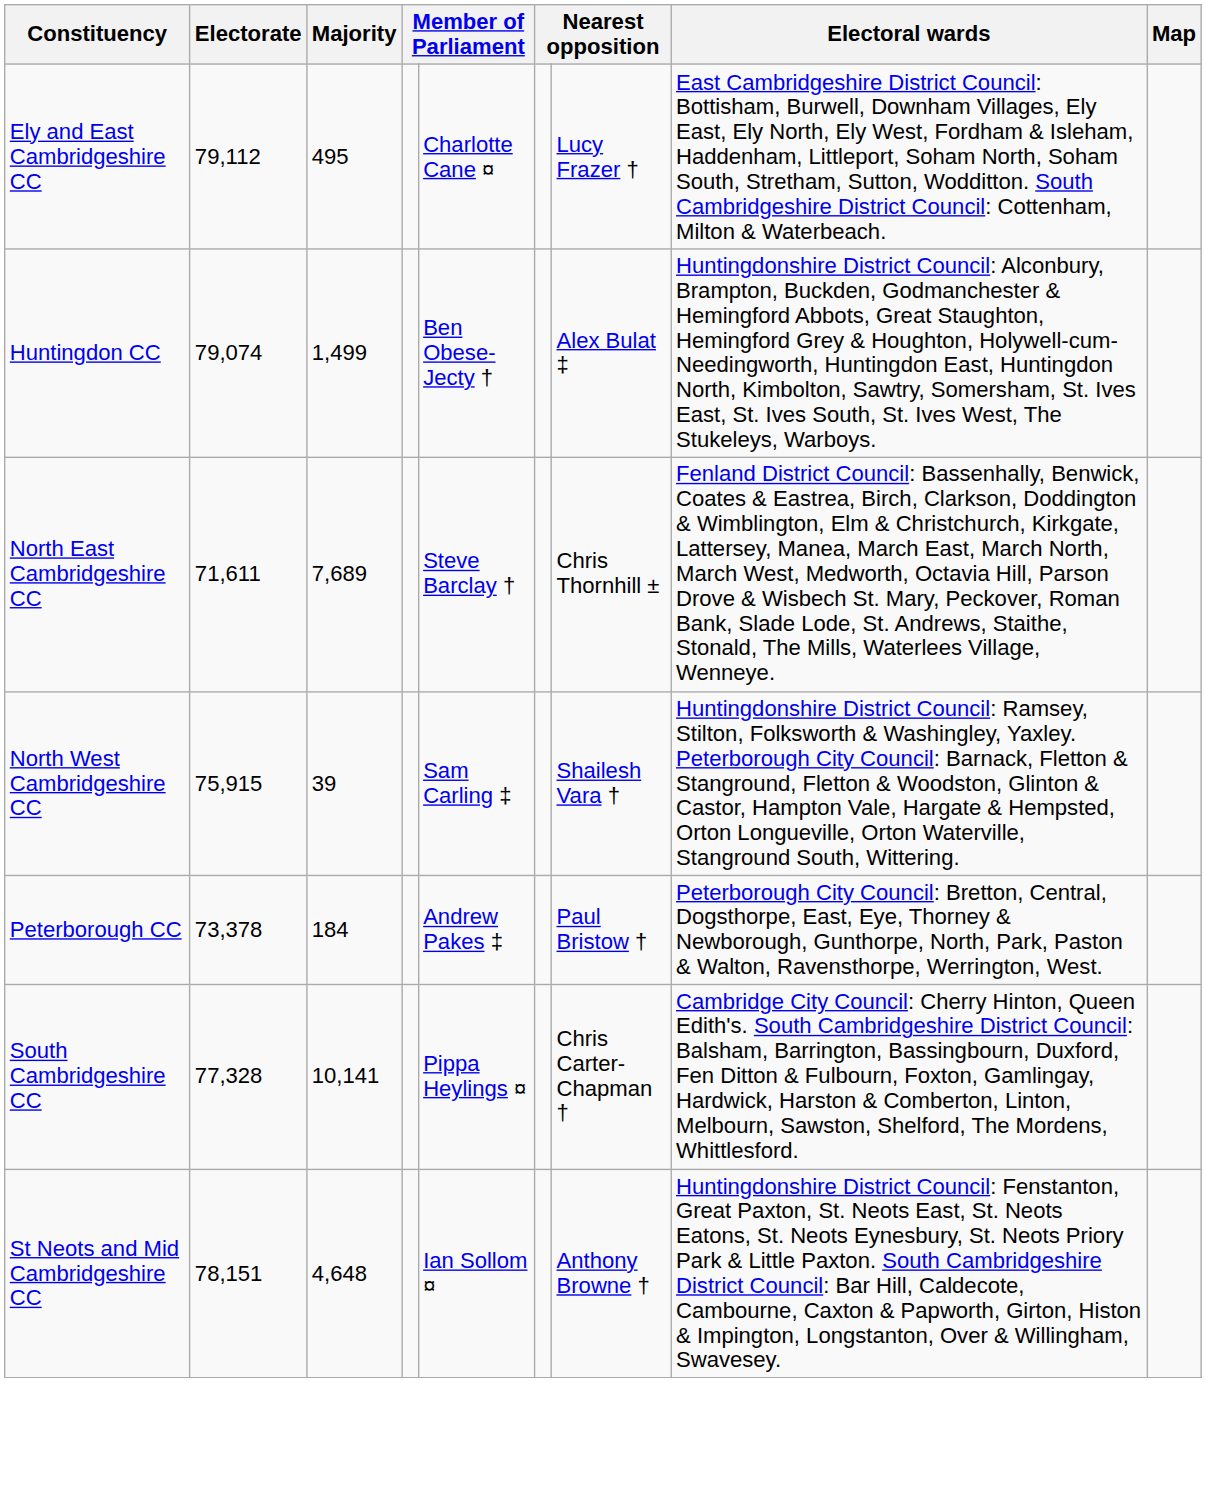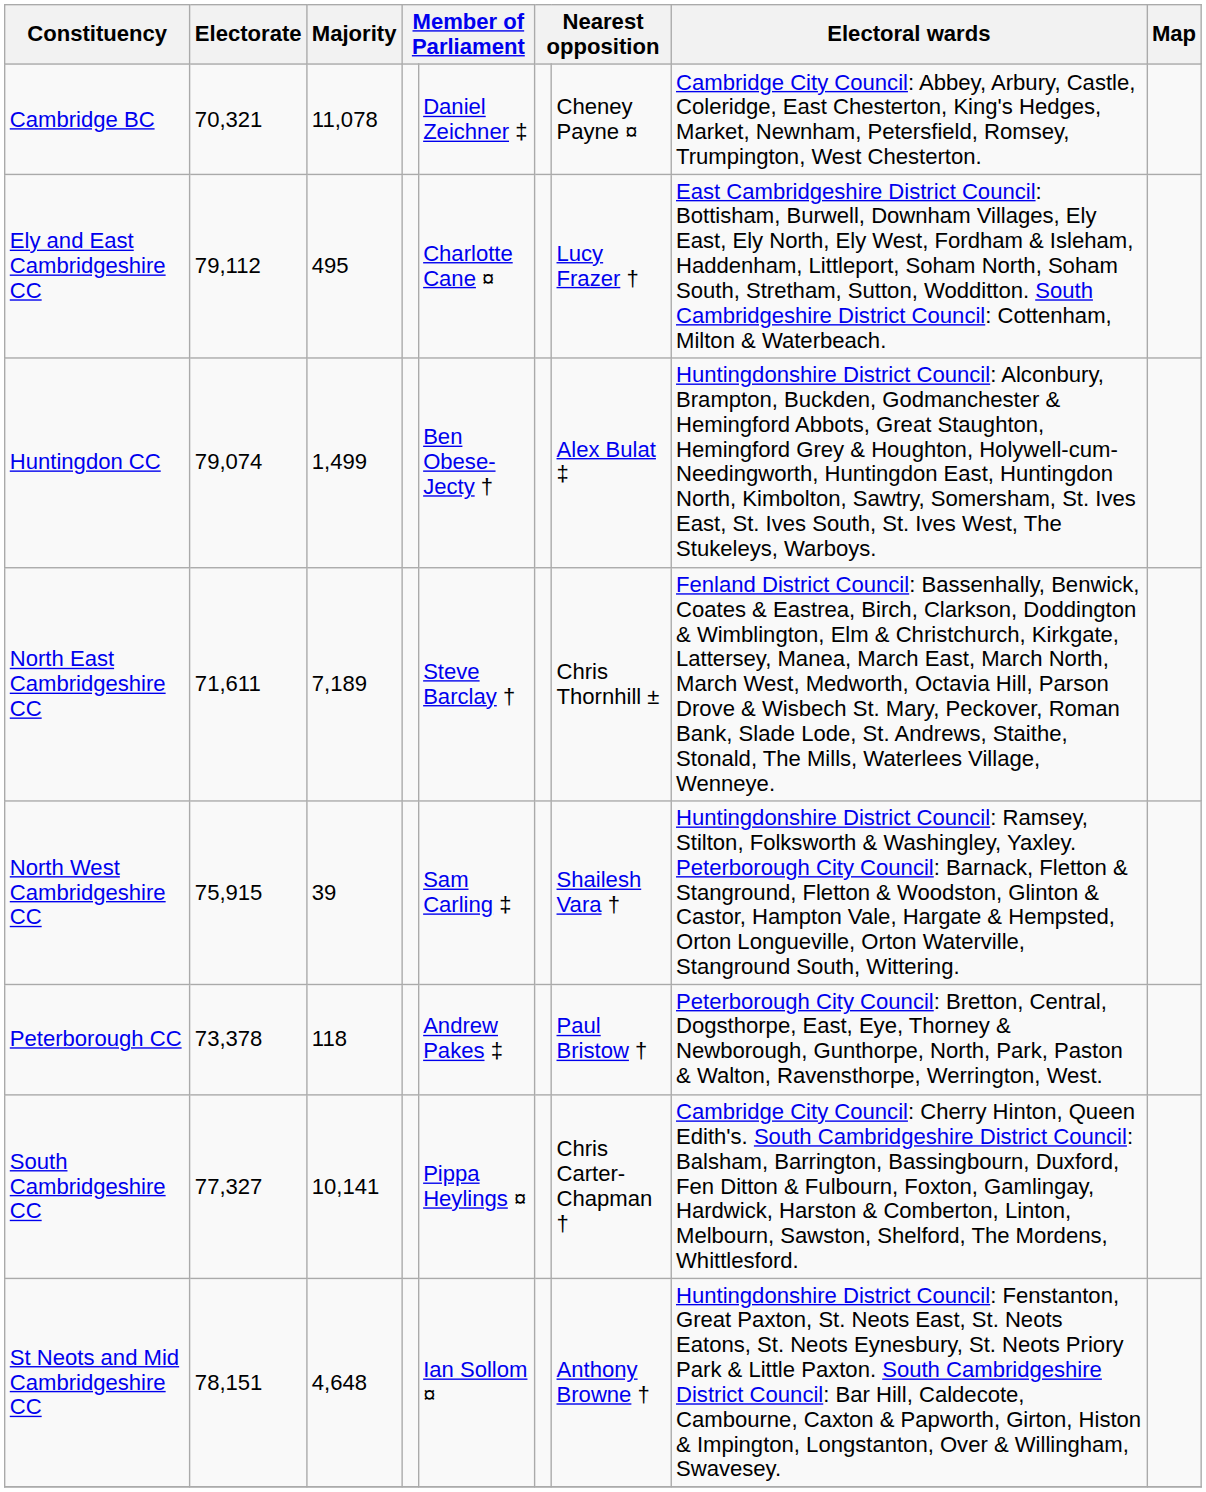 <table class="wikitable sortable">
 <tr>
 <th rowspan=1>Constituency</th>
 <th rowspan=1>Electorate</th>
 <th rowspan=1>Majority</th>
 <th colspan=2 class=unsortable><a href='#'>Member of Parliament</a></th>
 <th colspan=2 class=unsortable>Nearest opposition</th>
 <th rowspan=1 class=unsortable>Electoral wards</th>
 <th rowspan=1 class=unsortable>Map</th>
+</tr>
+<tr>
+<td><a href='#'>Cambridge BC</a></td>
+<td>70,321</td>
+<td>11,078</td>
+<td style="color:inherit;background:"> </td>
+<td><a href='#'>Daniel Zeichner</a> ‡</td>
+<td style="color:inherit;background:"> </td>
+<td>Cheney Payne ¤</td>
+<td><a href='#'>Cambridge City Council</a>: Abbey, Arbury, Castle, Coleridge, East Chesterton, King's Hedges, Market, Newnham, Petersfield, Romsey, Trumpington, West Chesterton.</td>
+<td></td>
 </tr>
 <tr>
 <td><a href='#'>Ely and East Cambridgeshire CC</a></td>
 <td>79,112</td>
 <td>495</td>
 <td style="color:inherit;background:"> </td>
 <td><a href='#'>Charlotte Cane</a> ¤</td>
 <td style="color:inherit;background:"> </td>
 <td><a href='#'>Lucy Frazer</a> †</td>
 <td><a href='#'>East Cambridgeshire District Council</a>: Bottisham, Burwell, Downham Villages, Ely East, Ely North, Ely West, Fordham & Isleham, Haddenham, Littleport, Soham North, Soham South, Stretham, Sutton, Wodditton. <a href='#'>South Cambridgeshire District Council</a>: Cottenham, Milton & Waterbeach.</td>
 <td></td>
 </tr>
 <tr>
 <td><a href='#'>Huntingdon CC</a></td>
 <td>79,074</td>
 <td>1,499</td>
 <td style="color:inherit;background:"> </td>
 <td><a href='#'>Ben Obese-Jecty</a> †</td>
 <td style="color:inherit;background:"> </td>
 <td><a href='#'>Alex Bulat</a> ‡</td>
 <td><a href='#'>Huntingdonshire District Council</a>: Alconbury, Brampton, Buckden, Godmanchester & Hemingford Abbots, Great Staughton, Hemingford Grey & Houghton, Holywell-cum-Needingworth, Huntingdon East, Huntingdon North, Kimbolton, Sawtry, Somersham, St. Ives East, St. Ives South, St. Ives West, The Stukeleys, Warboys.</td>
 <td></td>
 </tr>
 <tr>
 <td><a href='#'>North East Cambridgeshire CC</a></td>
 <td>71,611</td>
-<td>7,689</td>
+<td>7,189</td>
 <td style="color:inherit;background:"> </td>
 <td><a href='#'>Steve Barclay</a> †</td>
 <td style="color:inherit;background:"> </td>
 <td>Chris Thornhill ±</td>
 <td><a href='#'>Fenland District Council</a>: Bassenhally, Benwick, Coates & Eastrea, Birch, Clarkson, Doddington & Wimblington, Elm & Christchurch, Kirkgate, Lattersey, Manea, March East, March North, March West, Medworth, Octavia Hill, Parson Drove & Wisbech St. Mary, Peckover, Roman Bank, Slade Lode, St. Andrews, Staithe, Stonald, The Mills, Waterlees Village, Wenneye.</td>
 <td></td>
 </tr>
 <tr>
 <td><a href='#'>North West Cambridgeshire CC</a></td>
 <td>75,915</td>
 <td>39</td>
 <td style="color:inherit;background:"> </td>
 <td><a href='#'>Sam Carling</a> ‡</td>
 <td style="color:inherit;background:"> </td>
 <td><a href='#'>Shailesh Vara</a> †</td>
 <td><a href='#'>Huntingdonshire District Council</a>: Ramsey, Stilton, Folksworth & Washingley, Yaxley. <a href='#'>Peterborough City Council</a>: Barnack, Fletton & Stanground, Fletton & Woodston, Glinton & Castor, Hampton Vale, Hargate & Hempsted, Orton Longueville, Orton Waterville, Stanground South, Wittering.</td>
 <td></td>
 </tr>
 <tr>
 <td><a href='#'>Peterborough CC</a></td>
 <td>73,378</td>
-<td>184</td>
+<td>118</td>
 <td style="color:inherit;background:"> </td>
 <td><a href='#'>Andrew Pakes</a> ‡</td>
 <td style="color:inherit;background:"> </td>
 <td><a href='#'>Paul Bristow</a> †</td>
 <td><a href='#'>Peterborough City Council</a>: Bretton, Central, Dogsthorpe, East, Eye, Thorney & Newborough, Gunthorpe, North, Park, Paston & Walton, Ravensthorpe, Werrington, West.</td>
 <td></td>
 </tr>
 <tr>
 <td><a href='#'>South Cambridgeshire CC</a></td>
-<td>77,328</td>
+<td>77,327</td>
 <td>10,141</td>
 <td style="color:inherit;background:"> </td>
 <td><a href='#'>Pippa Heylings</a> ¤</td>
 <td style="color:inherit;background:"> </td>
 <td>Chris Carter-Chapman †</td>
 <td><a href='#'>Cambridge City Council</a>: Cherry Hinton, Queen Edith's. <a href='#'>South Cambridgeshire District Council</a>: Balsham, Barrington, Bassingbourn, Duxford, Fen Ditton & Fulbourn, Foxton, Gamlingay, Hardwick, Harston & Comberton, Linton, Melbourn, Sawston, Shelford, The Mordens, Whittlesford.</td>
 <td></td>
 </tr>
 <tr>
 <td><a href='#'>St Neots and Mid Cambridgeshire CC</a></td>
 <td>78,151</td>
 <td>4,648</td>
 <td style="color:inherit;background:"> </td>
 <td><a href='#'>Ian Sollom</a> ¤</td>
 <td style="color:inherit;background:"> </td>
 <td><a href='#'>Anthony Browne</a> †</td>
 <td><a href='#'>Huntingdonshire District Council</a>: Fenstanton, Great Paxton, St. Neots East, St. Neots Eatons, St. Neots Eynesbury, St. Neots Priory Park & Little Paxton. <a href='#'>South Cambridgeshire District Council</a>: Bar Hill, Caldecote, Cambourne, Caxton & Papworth, Girton, Histon & Impington, Longstanton, Over & Willingham, Swavesey.</td>
 <td></td>
 </tr>
 <tr>
 </tr>
 </table>
